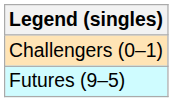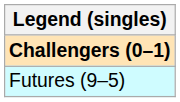 <table class="wikitable">
 <tr>
 <th>Legend (singles)</th>
 </tr>
 <tr bgcolor="moccasin">
-<td>Challengers (0–1)</td>
+<td><strong>Challengers (0–1)</strong></td>
 </tr>
 <tr bgcolor="CFFCFF">
 <td>Futures (9–5)</td>
 </tr>
 </table>
